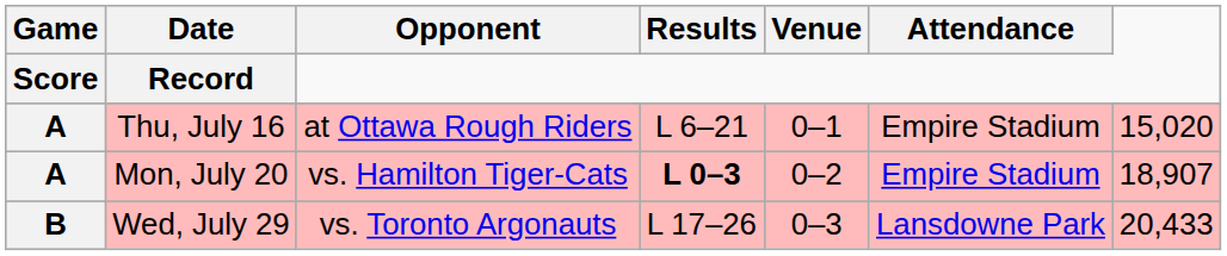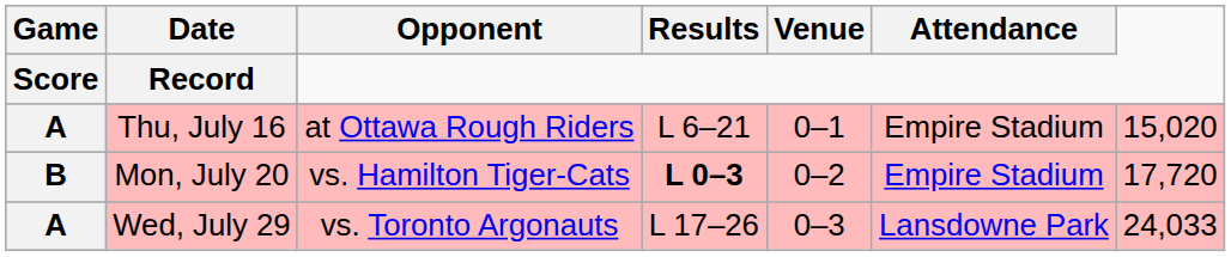 <table class="wikitable" style="text-align:center">
 <tr>
 <th>Game</th>
 <th>Date</th>
 <th>Opponent</th>
 <th>Results</th>
 <th>Venue</th>
 <th>Attendance</th>
 </tr>
 <tr>
 <th>Score</th>
 <th>Record</th>
 </tr>
 <tr style="background:#ffbbbb">
 <th>A</th>
 <td>Thu, July 16</td>
 <td>at <a href='#'>Ottawa Rough Riders</a></td>
 <td>L 6–21</td>
 <td>0–1</td>
 <td>Empire Stadium</td>
 <td>15,020</td>
 </tr>
 <tr style="background:#ffbbbb">
-<th>A</th>
+<th>B</th>
 <td>Mon, July 20</td>
 <td>vs. <a href='#'>Hamilton Tiger-Cats</a></td>
 <td><strong>L 0–3</strong></td>
 <td>0–2</td>
 <td><a href='#'>Empire Stadium</a></td>
-<td>18,907</td>
+<td>17,720</td>
 </tr>
 <tr style="background:#ffbbbb">
-<th>B</th>
+<th>A</th>
 <td>Wed, July 29</td>
 <td>vs. <a href='#'>Toronto Argonauts</a></td>
 <td>L 17–26</td>
 <td>0–3</td>
 <td><a href='#'>Lansdowne Park</a></td>
-<td>20,433</td>
+<td>24,033</td>
 </tr>
 </table>
